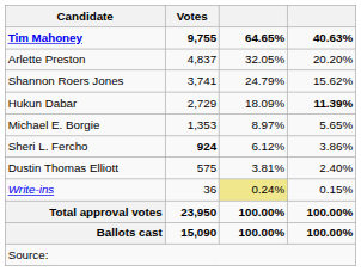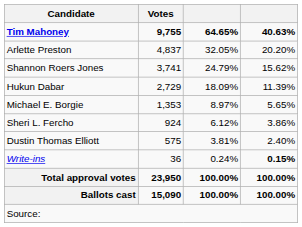 <table class="wikitable" style="font-size:90%;line-height:20px;min-width:30em;">
 <tr>
 <th>Candidate</th>
 <th>Votes</th>
 <th></th>
 <th></th>
 </tr>
 <tr>
 <td><strong><a href='#'>Tim Mahoney</a></strong></td>
 <td style="text-align: right;"><strong>9,755</strong></td>
 <td style="text-align: right;"><strong>64.65%</strong></td>
 <td style="text-align: right;"><strong>40.63%</strong></td>
 </tr>
 <tr>
 <td>Arlette Preston</td>
 <td style="text-align: right;">4,837</td>
 <td style="text-align: right;">32.05%</td>
 <td style="text-align: right;">20.20%</td>
 </tr>
 <tr>
 <td>Shannon Roers Jones</td>
 <td style="text-align: right;">3,741</td>
 <td style="text-align: right;">24.79%</td>
 <td style="text-align: right;">15.62%</td>
 </tr>
 <tr>
 <td>Hukun Dabar</td>
 <td style="text-align: right;">2,729</td>
 <td style="text-align: right;">18.09%</td>
-<td style="text-align: right;"><strong>11.39%</strong></td>
+<td style="text-align: right;">11.39%</td>
 </tr>
 <tr>
 <td>Michael E. Borgie</td>
 <td style="text-align: right;">1,353</td>
 <td style="text-align: right;">8.97%</td>
 <td style="text-align: right;">5.65%</td>
 </tr>
 <tr>
 <td>Sheri L. Fercho</td>
-<td style="text-align: right;"><strong>924</strong></td>
+<td style="text-align: right;">924</td>
 <td style="text-align: right;">6.12%</td>
 <td style="text-align: right;">3.86%</td>
 </tr>
 <tr>
 <td>Dustin Thomas Elliott</td>
 <td style="text-align: right;">575</td>
 <td style="text-align: right;">3.81%</td>
 <td style="text-align: right;">2.40%</td>
 </tr>
 <tr>
 <td><em><a href='#'>Write-ins</a></em></td>
 <td style="text-align: right;">36</td>
-<td style="background: khaki; text-align: right;">0.24%</td>
-<td style="text-align: right;">0.15%</td>
+<td style="text-align: right;">0.24%</td>
+<td style="text-align: right;"><strong>0.15%</strong></td>
 </tr>
 <tr>
 <th style="text-align: right;">Total approval votes</th>
 <td style="text-align: right;"><strong>23,950</strong></td>
 <td style="text-align: right;"><strong>100.00%</strong></td>
 <td style="text-align: right;"><strong>100.00%</strong></td>
 </tr>
 <tr>
 <th style="text-align: right;">Ballots cast</th>
 <td style="text-align: right;"><strong>15,090</strong></td>
 <td style="text-align: right;"><strong>100.00%</strong></td>
 <td style="text-align: right;"><strong>100.00%</strong></td>
 </tr>
 <tr>
 <td colspan=5>Source:</td>
 </tr>
 </table>
